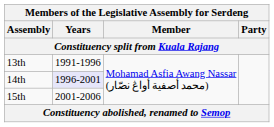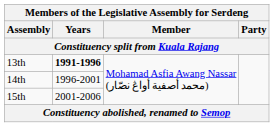 <table class=wikitable>
 <tr>
 <th colspan="4">Members of the Legislative Assembly for Serdeng</th>
 </tr>
 <tr>
 <th>Assembly</th>
 <th>Years</th>
 <th>Member</th>
 <th>Party</th>
 </tr>
 <tr>
 <th colspan=4 align=center><em>Constituency split from <a href='#'>Kuala Rajang</a></em></th>
 </tr>
 <tr>
 <td>13th</td>
-<td>1991-1996</td>
+<td><strong>1991-1996</strong></td>
 <td rowspan=3><a href='#'>Mohamad Asfia Awang Nassar</a><br>(محمد أصفية أواڠ نصّار)</td>
 <td rowspan="3"></td>
 </tr>
 <tr>
 <td>14th</td>
-<td style="background: lavender;">1996-2001</td>
+<td>1996-2001</td>
 </tr>
 <tr>
 <td>15th</td>
 <td>2001-2006</td>
 </tr>
 <tr>
 <th colspan=4 align=center><em>Constituency abolished, renamed to <a href='#'>Semop</a></em></th>
 </tr>
 </table>
